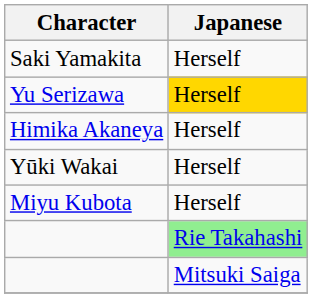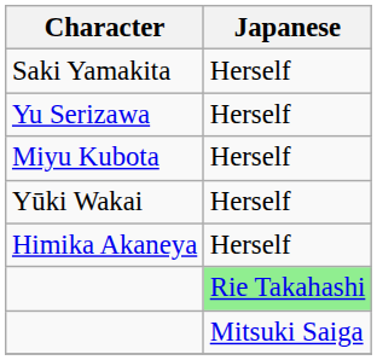 <table class="wikitable sortable">
 <tr>
 <th scope="col">Character</th>
 <th scope="col">Japanese</th>
 </tr>
 <tr>
 <td scope="row">Saki Yamakita</td>
 <td align="left">Herself</td>
 </tr>
 <tr>
 <td scope="row"><a href='#'>Yu Serizawa</a></td>
-<td align="left" style="background: gold;">Herself</td>
+<td align="left">Herself</td>
 </tr>
 <tr>
-<td scope="row"><a href='#'>Himika Akaneya</a></td>
+<td scope="row"><a href='#'>Miyu Kubota</a></td>
 <td align="left">Herself</td>
 </tr>
 <tr>
 <td scope="row">Yūki Wakai</td>
 <td align="left">Herself</td>
 </tr>
 <tr>
-<td scope="row"><a href='#'>Miyu Kubota</a></td>
+<td scope="row"><a href='#'>Himika Akaneya</a></td>
 <td align="left">Herself</td>
 </tr>
 <tr>
 <td scope="row"></td>
 <td align="left" style="background: lightgreen;"><a href='#'>Rie Takahashi</a></td>
 </tr>
 <tr>
 <td scope="row"></td>
 <td align="left"><a href='#'>Mitsuki Saiga</a></td>
 </tr>
 <tr>
 </tr>
 </table>
